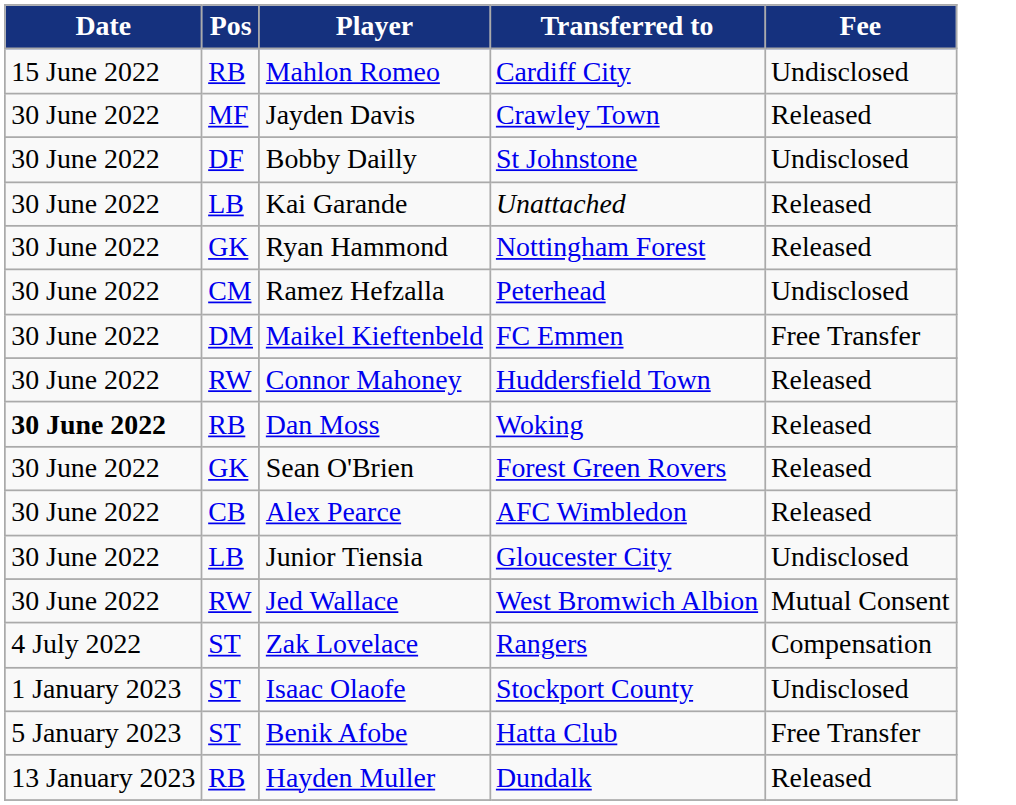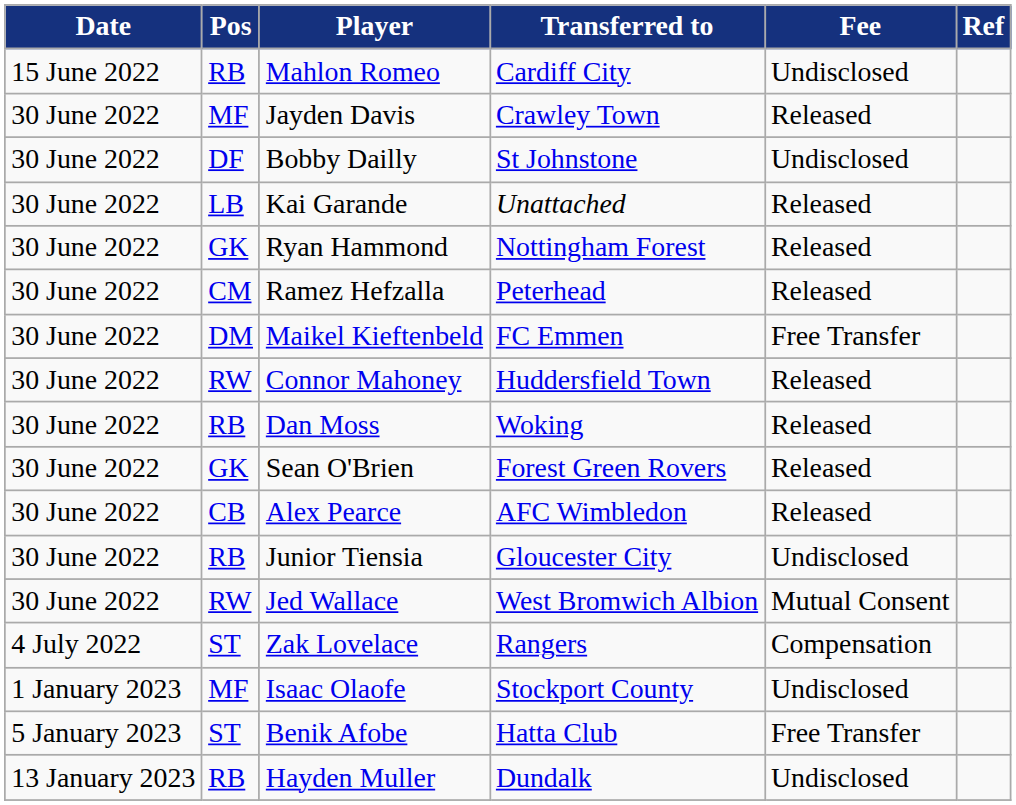 <table class="wikitable plainrowheaders sortable">
 <tr>
 <th style="background:#15317E; color:#ffffff; ">Date</th>
 <th style="background:#15317E; color:#ffffff; ">Pos</th>
 <th style="background:#15317E; color:#ffffff; ">Player</th>
 <th style="background:#15317E; color:#ffffff; ">Transferred to</th>
 <th style="background:#15317E; color:#ffffff; ">Fee</th>
+<th style="background:#15317E; color:#ffffff; ">Ref</th>
 </tr>
 <tr>
 <td>15 June 2022</td>
 <td><a href='#'>RB</a></td>
 <td> <a href='#'>Mahlon Romeo</a></td>
 <td> <a href='#'>Cardiff City</a></td>
 <td>Undisclosed</td>
+<td></td>
 </tr>
 <tr>
 <td>30 June 2022</td>
 <td><a href='#'>MF</a></td>
 <td> Jayden Davis</td>
 <td> <a href='#'>Crawley Town</a></td>
 <td>Released</td>
+<td></td>
 </tr>
 <tr>
 <td>30 June 2022</td>
 <td><a href='#'>DF</a></td>
 <td> Bobby Dailly</td>
 <td> <a href='#'>St Johnstone</a></td>
 <td>Undisclosed</td>
+<td></td>
 </tr>
 <tr>
 <td>30 June 2022</td>
 <td><a href='#'>LB</a></td>
 <td> Kai Garande</td>
 <td><em>Unattached</em></td>
 <td>Released</td>
+<td></td>
 </tr>
 <tr>
 <td>30 June 2022</td>
 <td><a href='#'>GK</a></td>
 <td> Ryan Hammond</td>
 <td> <a href='#'>Nottingham Forest</a></td>
 <td>Released</td>
+<td></td>
 </tr>
 <tr>
 <td>30 June 2022</td>
 <td><a href='#'>CM</a></td>
 <td> Ramez Hefzalla</td>
 <td> <a href='#'>Peterhead</a></td>
-<td>Undisclosed</td>
+<td>Released</td>
+<td></td>
 </tr>
 <tr>
 <td>30 June 2022</td>
 <td><a href='#'>DM</a></td>
 <td> <a href='#'>Maikel Kieftenbeld</a></td>
 <td> <a href='#'>FC Emmen</a></td>
 <td>Free Transfer</td>
+<td></td>
 </tr>
 <tr>
 <td>30 June 2022</td>
 <td><a href='#'>RW</a></td>
 <td> <a href='#'>Connor Mahoney</a></td>
 <td> <a href='#'>Huddersfield Town</a></td>
 <td>Released</td>
+<td></td>
 </tr>
 <tr>
-<td><strong>30 June 2022</strong></td>
+<td>30 June 2022</td>
 <td><a href='#'>RB</a></td>
 <td> <a href='#'>Dan Moss</a></td>
 <td> <a href='#'>Woking</a></td>
 <td>Released</td>
+<td></td>
 </tr>
 <tr>
 <td>30 June 2022</td>
 <td><a href='#'>GK</a></td>
 <td> Sean O'Brien</td>
 <td> <a href='#'>Forest Green Rovers</a></td>
 <td>Released</td>
+<td></td>
 </tr>
 <tr>
 <td>30 June 2022</td>
 <td><a href='#'>CB</a></td>
 <td> <a href='#'>Alex Pearce</a></td>
 <td> <a href='#'>AFC Wimbledon</a></td>
 <td>Released</td>
+<td></td>
 </tr>
 <tr>
 <td>30 June 2022</td>
-<td><a href='#'>LB</a></td>
+<td><a href='#'>RB</a></td>
 <td> Junior Tiensia</td>
 <td> <a href='#'>Gloucester City</a></td>
 <td>Undisclosed</td>
+<td></td>
 </tr>
 <tr>
 <td>30 June 2022</td>
 <td><a href='#'>RW</a></td>
 <td> <a href='#'>Jed Wallace</a></td>
 <td> <a href='#'>West Bromwich Albion</a></td>
 <td>Mutual Consent</td>
+<td></td>
 </tr>
 <tr>
 <td>4 July 2022</td>
 <td><a href='#'>ST</a></td>
 <td> <a href='#'>Zak Lovelace</a></td>
 <td> <a href='#'>Rangers</a></td>
 <td>Compensation</td>
+<td></td>
 </tr>
 <tr>
 <td>1 January 2023</td>
-<td><a href='#'>ST</a></td>
+<td><a href='#'>MF</a></td>
 <td> <a href='#'>Isaac Olaofe</a></td>
 <td> <a href='#'>Stockport County</a></td>
 <td>Undisclosed</td>
+<td></td>
 </tr>
 <tr>
 <td>5 January 2023</td>
 <td><a href='#'>ST</a></td>
 <td> <a href='#'>Benik Afobe</a></td>
 <td> <a href='#'>Hatta Club</a></td>
 <td>Free Transfer</td>
+<td></td>
 </tr>
 <tr>
 <td>13 January 2023</td>
 <td><a href='#'>RB</a></td>
 <td> <a href='#'>Hayden Muller</a></td>
 <td> <a href='#'>Dundalk</a></td>
-<td>Released</td>
+<td>Undisclosed</td>
+<td></td>
 </tr>
 </table>
